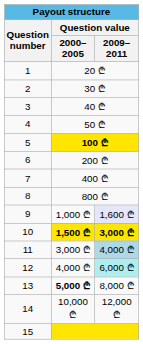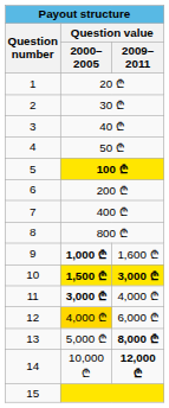 <table class="wikitable" style="text-align:center; border:1px;; cellpadding:2; cellspacing:0; width:25%;">
 <tr>
 <th colspan="3" style="background: #58B9E4">Payout structure</th>
 </tr>
 <tr>
 <th rowspan="2" style="width: 24%">Question number</th>
 <th colspan="2">Question value</th>
 </tr>
 <tr>
 <th style="width: 38%">2000–2005</th>
 <th style="width: 38%">2009–2011</th>
 </tr>
 <tr>
 <td>1</td>
 <td colspan="2">20 ₾</td>
 </tr>
 <tr>
 <td>2</td>
 <td colspan="2">30 ₾</td>
 </tr>
 <tr>
 <td>3</td>
 <td colspan="2">40 ₾</td>
 </tr>
 <tr>
 <td>4</td>
 <td colspan="2">50 ₾</td>
 </tr>
 <tr>
 <td>5</td>
 <td colspan="2" style="background: #FFE600"><strong>100 ₾</strong></td>
 </tr>
 <tr>
 <td>6</td>
 <td colspan="2">200 ₾</td>
 </tr>
 <tr>
 <td>7</td>
 <td colspan="2">400 ₾</td>
 </tr>
 <tr>
 <td>8</td>
 <td colspan="2">800 ₾</td>
 </tr>
 <tr>
 <td>9</td>
-<td>1,000 ₾</td>
-<td style="background: lavender;">1,600 ₾</td>
+<td><strong>1,000 ₾</strong></td>
+<td>1,600 ₾</td>
 </tr>
 <tr>
 <td>10</td>
 <td style="background: #FFE600"><strong>1,500 ₾</strong></td>
 <td style="background: #FFE600"><strong>3,000 ₾</strong></td>
 </tr>
 <tr>
 <td>11</td>
-<td>3,000 ₾</td>
-<td style="background: lightblue;">4,000 ₾</td>
+<td><strong>3,000 ₾</strong></td>
+<td>4,000 ₾</td>
 </tr>
 <tr>
 <td>12</td>
-<td>4,000 ₾</td>
-<td style="background: paleturquoise;">6,000 ₾</td>
+<td style="background: gold;">4,000 ₾</td>
+<td>6,000 ₾</td>
 </tr>
 <tr>
 <td>13</td>
-<td><strong>5,000 ₾</strong></td>
-<td>8,000 ₾</td>
+<td>5,000 ₾</td>
+<td><strong>8,000 ₾</strong></td>
 </tr>
 <tr>
 <td>14</td>
 <td>10,000 ₾</td>
-<td>12,000 ₾</td>
+<td><strong>12,000 ₾</strong></td>
 </tr>
 <tr>
 <td>15</td>
 <td colspan="2" style="background: #FFE600"><strong></strong></td>
 </tr>
 </table>
